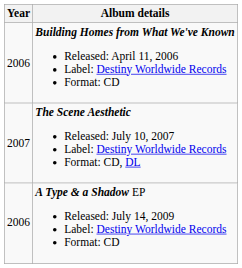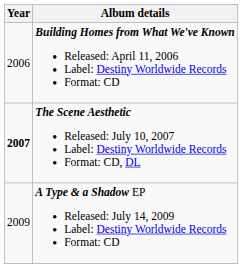 <table class="wikitable">
 <tr>
 <th>Year</th>
 <th>Album details</th>
 </tr>
 <tr>
 <td>2006</td>
 <td><strong><em>Building Homes from What We've Known</em></strong><br><ul><li>Released: April 11, 2006</li><li>Label: <a href='#'>Destiny Worldwide Records</a></li><li>Format: CD</li></ul></td>
 </tr>
 <tr>
-<td>2007</td>
+<td><strong>2007</strong></td>
 <td><strong><em>The Scene Aesthetic</em></strong><br><ul><li>Released: July 10, 2007</li><li>Label: <a href='#'>Destiny Worldwide Records</a></li><li>Format: CD, <a href='#'>DL</a></li></ul></td>
 </tr>
 <tr>
-<td>2006</td>
+<td>2009</td>
 <td><strong><em>A Type & a Shadow</em></strong> EP<br><ul><li>Released: July 14, 2009</li><li>Label: <a href='#'>Destiny Worldwide Records</a></li><li>Format: CD</li></ul></td>
 </tr>
 </table>
